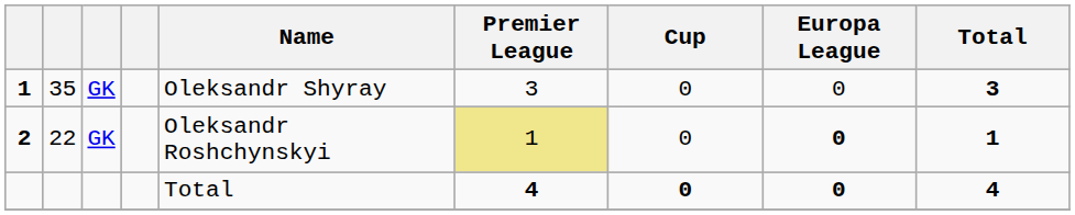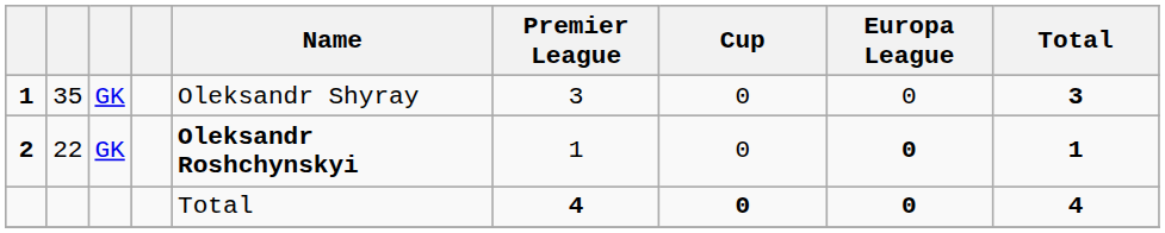 <table class="wikitable" style="text-align:center">
 <tr>
 <th width=15></th>
 <th width=15></th>
 <th width=15></th>
 <th width=15></th>
 <th width=160>Name</th>
 <th width=80><strong>Premier League</strong></th>
 <th width=80><strong>Cup</strong></th>
 <th width=80><strong>Europa League</strong></th>
 <th width=80>Total</th>
 </tr>
 <tr>
 <td><strong>1</strong></td>
 <td>35</td>
 <td><a href='#'>GK</a></td>
 <td></td>
 <td align=left>Oleksandr Shyray</td>
 <td>3</td>
 <td>0</td>
 <td>0</td>
 <td><strong>3</strong></td>
 </tr>
 <tr>
 <td><strong>2</strong></td>
 <td>22</td>
 <td><a href='#'>GK</a></td>
 <td></td>
-<td align=left>Oleksandr Roshchynskyi</td>
-<td style="background: khaki;">1</td>
+<td align=left><strong>Oleksandr Roshchynskyi</strong></td>
+<td>1</td>
 <td>0</td>
 <td><strong>0</strong></td>
 <td><strong>1</strong></td>
 </tr>
 <tr>
 <td></td>
 <td></td>
 <td></td>
 <td></td>
 <td align=left>Total</td>
 <td><strong>4</strong></td>
 <td><strong>0</strong></td>
 <td><strong>0</strong></td>
 <td><strong>4</strong></td>
 </tr>
 <tr>
 </tr>
 </table>
